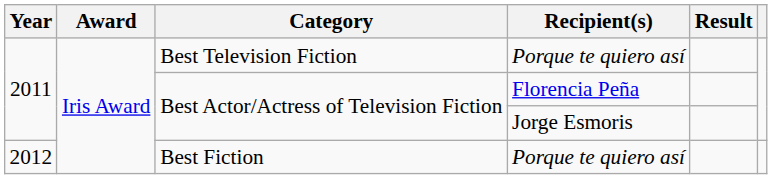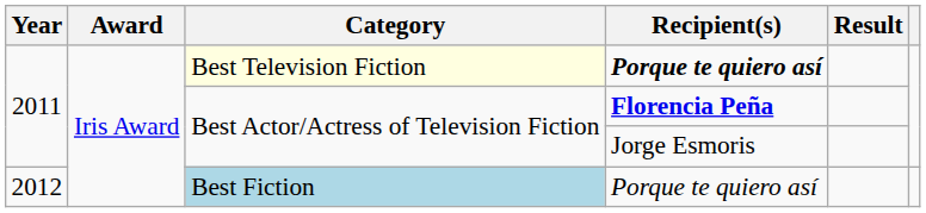 <table class="wikitable sortable">
 <tr>
 <th>Year</th>
 <th>Award</th>
 <th>Category</th>
 <th>Recipient(s)</th>
 <th>Result</th>
 <th></th>
 </tr>
 <tr>
 <td rowspan="3" align="center">2011</td>
 <td rowspan="4"><a href='#'>Iris Award</a></td>
-<td>Best Television Fiction</td>
-<td><em>Porque te quiero así</em></td>
+<td style="background: lightyellow;">Best Television Fiction</td>
+<td><strong><em>Porque te quiero así</em></strong></td>
 <td></td>
 <td rowspan="3"></td>
 </tr>
 <tr>
 <td rowspan="2">Best Actor/Actress of Television Fiction</td>
-<td><a href='#'>Florencia Peña</a></td>
+<td><strong><a href='#'>Florencia Peña</a></strong></td>
 <td></td>
 </tr>
 <tr>
 <td>Jorge Esmoris</td>
 <td></td>
 </tr>
 <tr>
 <td rowspan="3" align="center">2012</td>
-<td>Best Fiction</td>
+<td style="background: lightblue;">Best Fiction</td>
 <td><em>Porque te quiero así</em></td>
 <td></td>
 <td></td>
 </tr>
 </table>
